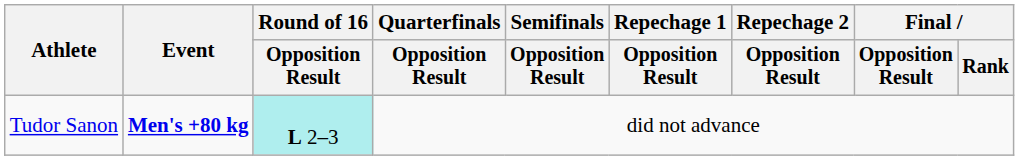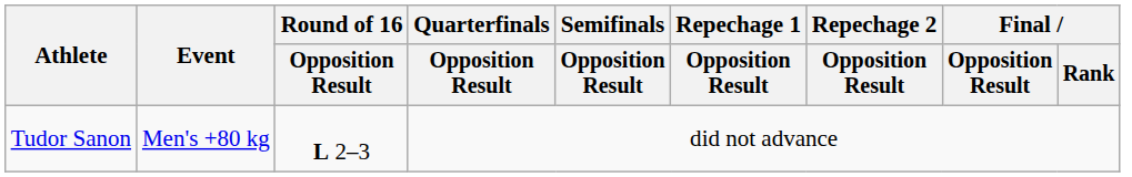 <table class="wikitable" style="font-size:90%;">
 <tr>
 <th rowspan=2>Athlete</th>
 <th rowspan=2>Event</th>
 <th>Round of 16</th>
 <th>Quarterfinals</th>
 <th>Semifinals</th>
 <th>Repechage 1</th>
 <th>Repechage 2</th>
 <th colspan=2>Final / </th>
 </tr>
 <tr style="font-size:95%">
 <th>Opposition<br>Result</th>
 <th>Opposition<br>Result</th>
 <th>Opposition<br>Result</th>
 <th>Opposition<br>Result</th>
 <th>Opposition<br>Result</th>
 <th>Opposition<br>Result</th>
 <th>Rank</th>
 </tr>
 <tr align=center>
 <td align=left><a href='#'>Tudor Sanon</a></td>
-<td align=left><strong><a href='#'>Men's +80 kg</a></strong></td>
-<td style="background: paleturquoise;"><br><strong>L</strong> 2–3</td>
+<td align=left><a href='#'>Men's +80 kg</a></td>
+<td><br><strong>L</strong> 2–3</td>
 <td colspan=6>did not advance</td>
 </tr>
 </table>
